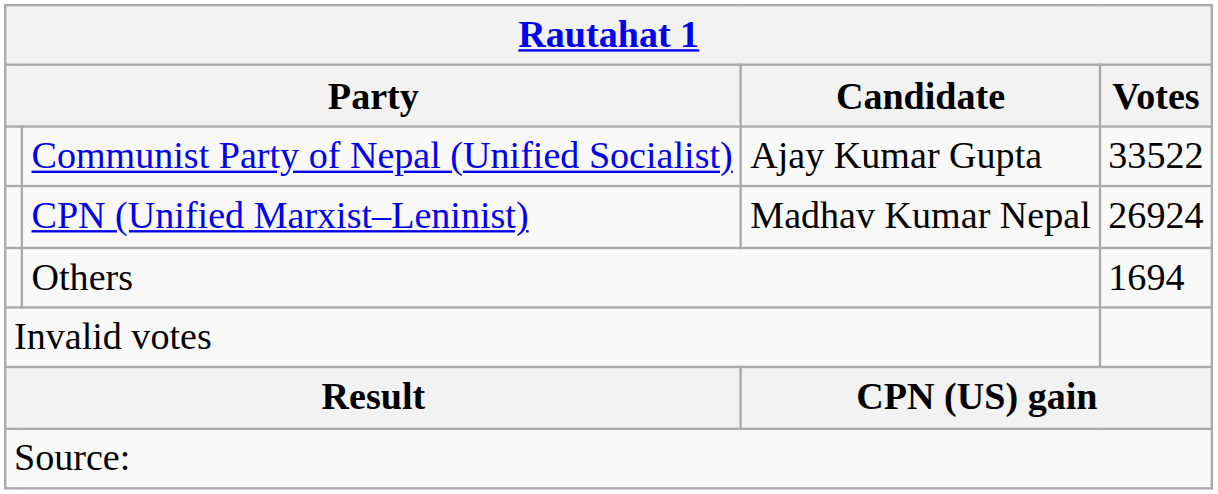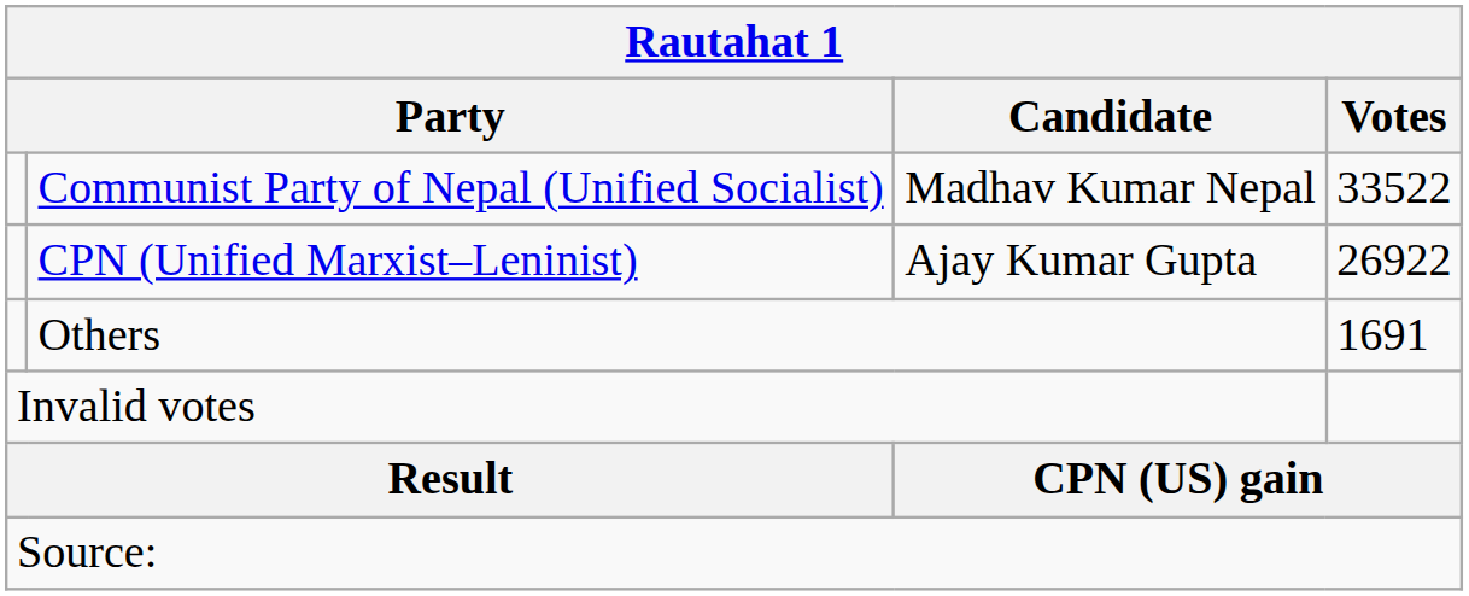 <table class="wikitable">
 <tr>
 <th colspan="4"><a href='#'>Rautahat 1</a></th>
 </tr>
 <tr>
 <th colspan="2">Party</th>
 <th>Candidate</th>
 <th>Votes</th>
 </tr>
 <tr>
 <td style="background-color:"></td>
 <td><a href='#'>Communist Party of Nepal (Unified Socialist)</a></td>
-<td>Ajay Kumar Gupta</td>
+<td>Madhav Kumar Nepal</td>
 <td>33522</td>
 </tr>
 <tr>
 <td style="background-color:"></td>
 <td><a href='#'>CPN (Unified Marxist–Leninist)</a></td>
-<td>Madhav Kumar Nepal</td>
-<td>26924</td>
+<td>Ajay Kumar Gupta</td>
+<td>26922</td>
 </tr>
 <tr>
 <td></td>
 <td colspan="2">Others</td>
-<td>1694</td>
+<td>1691</td>
 </tr>
 <tr>
 <td colspan="3">Invalid votes</td>
 <td></td>
 </tr>
 <tr>
 <th colspan="2">Result</th>
 <th colspan="2">CPN (US) gain</th>
 </tr>
 <tr>
 <td colspan="4">Source: </td>
 </tr>
 </table>
